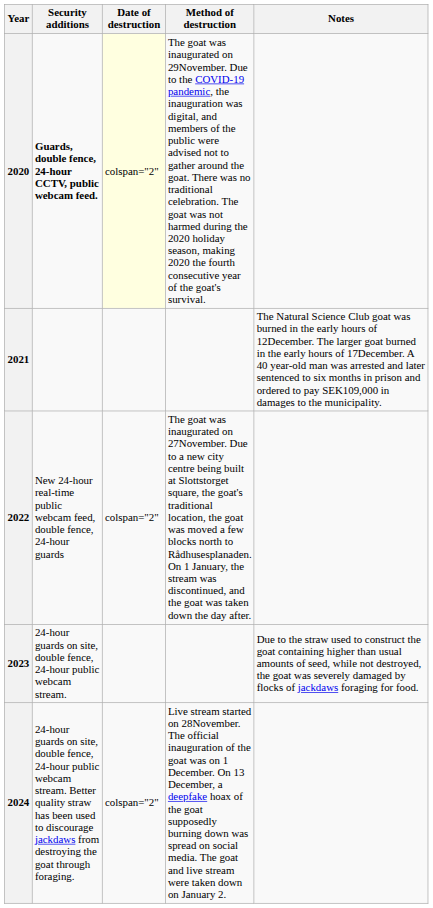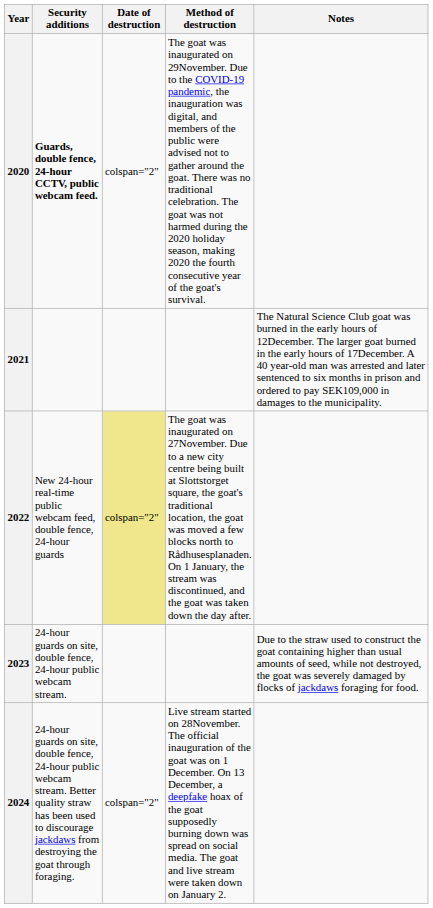 <table class="sortable wikitable" style="width: 100%;">
 <tr>
 <th width="40">Year</th>
 <th width="180">Security additions</th>
 <th width="105">Date of destruction</th>
 <th width="105">Method of destruction</th>
 <th width="770">Notes</th>
 </tr>
 <tr>
 <th scope="row">2020</th>
 <td><strong>Guards, double fence, 24-hour CCTV, public webcam feed.</strong></td>
-<td style="background: lightyellow;">colspan="2" </td>
+<td>colspan="2" </td>
 <td>The goat was inaugurated on 29November. Due to the <a href='#'>COVID-19 pandemic</a>, the inauguration was digital, and members of the public were advised not to gather around the goat. There was no traditional celebration. The goat was not harmed during the 2020 holiday season, making 2020 the fourth consecutive year of the goat's survival.</td>
 </tr>
 <tr>
 <th scope="row">2021</th>
 <td></td>
 <td></td>
 <td></td>
 <td>The Natural Science Club goat was burned in the early hours of 12December. The larger goat burned in the early hours of 17December. A 40 year-old man was arrested and later sentenced to six months in prison and ordered to pay SEK109,000 in damages to the municipality.</td>
 </tr>
 <tr>
 <th scope="row">2022</th>
 <td>New 24-hour real-time public webcam feed, double fence, 24-hour guards</td>
-<td>colspan="2" </td>
+<td style="background: khaki;">colspan="2" </td>
 <td>The goat was inaugurated on 27November. Due to a new city centre being built at Slottstorget square, the goat's traditional location, the goat was moved a few blocks north to Rådhusesplanaden. On 1 January, the stream was discontinued, and the goat was taken down the day after.</td>
 </tr>
 <tr>
 <th scope="row">2023</th>
 <td>24-hour guards on site, double fence, 24-hour public webcam stream.</td>
 <td></td>
 <td></td>
 <td>Due to the straw used to construct the goat containing higher than usual amounts of seed, while not destroyed, the goat was severely damaged by flocks of <a href='#'>jackdaws</a> foraging for food.</td>
 </tr>
 <tr>
 <th scope="row">2024</th>
 <td>24-hour guards on site, double fence, 24-hour public webcam stream. Better quality straw has been used to discourage <a href='#'>jackdaws</a> from destroying the goat through foraging.</td>
 <td>colspan="2" </td>
 <td>Live stream started on 28November. The official inauguration of the goat was on 1 December. On 13 December, a <a href='#'>deepfake</a> hoax of the goat supposedly burning down was spread on social media. The goat and live stream were taken down on January 2.</td>
 </tr>
 </table>
